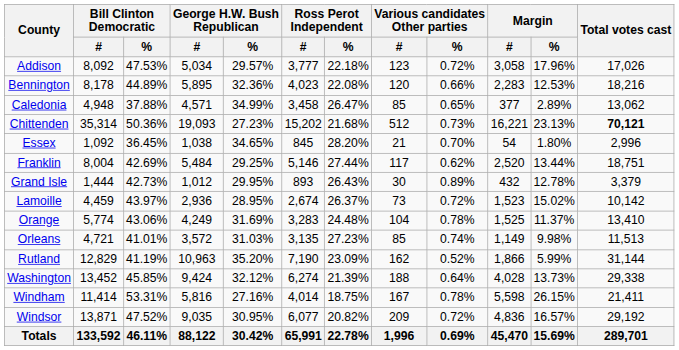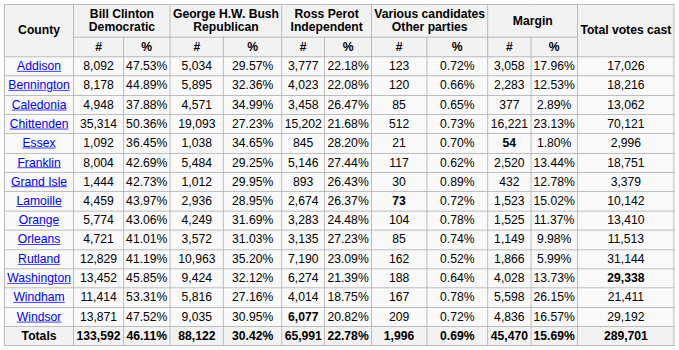 <table class="wikitable sortable">
 <tr>
 <th rowspan="2">County</th>
 <th colspan="2">Bill Clinton<br>Democratic</th>
 <th colspan="2">George H.W. Bush<br>Republican</th>
 <th colspan="2">Ross Perot<br>Independent</th>
 <th colspan="2">Various candidates<br>Other parties</th>
 <th colspan="2">Margin</th>
 <th rowspan="2">Total votes cast</th>
 </tr>
 <tr bgcolor="lightgrey">
 <th data-sort-type="number">#</th>
 <th data-sort-type="number">%</th>
 <th data-sort-type="number">#</th>
 <th data-sort-type="number">%</th>
 <th data-sort-type="number">#</th>
 <th data-sort-type="number">%</th>
 <th data-sort-type="number">#</th>
 <th data-sort-type="number">%</th>
 <th data-sort-type="number">#</th>
 <th data-sort-type="number">%</th>
 </tr>
 <tr style="text-align:center;">
 <td><a href='#'>Addison</a></td>
 <td>8,092</td>
 <td>47.53%</td>
 <td>5,034</td>
 <td>29.57%</td>
 <td>3,777</td>
 <td>22.18%</td>
 <td>123</td>
 <td>0.72%</td>
 <td>3,058</td>
 <td>17.96%</td>
 <td>17,026</td>
 </tr>
 <tr style="text-align:center;">
 <td><a href='#'>Bennington</a></td>
 <td>8,178</td>
 <td>44.89%</td>
 <td>5,895</td>
 <td>32.36%</td>
 <td>4,023</td>
 <td>22.08%</td>
 <td>120</td>
 <td>0.66%</td>
 <td>2,283</td>
 <td>12.53%</td>
 <td>18,216</td>
 </tr>
 <tr style="text-align:center;">
 <td><a href='#'>Caledonia</a></td>
 <td>4,948</td>
 <td>37.88%</td>
 <td>4,571</td>
 <td>34.99%</td>
 <td>3,458</td>
 <td>26.47%</td>
 <td>85</td>
 <td>0.65%</td>
 <td>377</td>
 <td>2.89%</td>
 <td>13,062</td>
 </tr>
 <tr style="text-align:center;">
 <td><a href='#'>Chittenden</a></td>
 <td>35,314</td>
 <td>50.36%</td>
 <td>19,093</td>
 <td>27.23%</td>
 <td>15,202</td>
 <td>21.68%</td>
 <td>512</td>
 <td>0.73%</td>
 <td>16,221</td>
 <td>23.13%</td>
-<td><strong>70,121</strong></td>
+<td>70,121</td>
 </tr>
 <tr style="text-align:center;">
 <td><a href='#'>Essex</a></td>
 <td>1,092</td>
 <td>36.45%</td>
 <td>1,038</td>
 <td>34.65%</td>
 <td>845</td>
 <td>28.20%</td>
 <td>21</td>
 <td>0.70%</td>
-<td>54</td>
+<td><strong>54</strong></td>
 <td>1.80%</td>
 <td>2,996</td>
 </tr>
 <tr style="text-align:center;">
 <td><a href='#'>Franklin</a></td>
 <td>8,004</td>
 <td>42.69%</td>
 <td>5,484</td>
 <td>29.25%</td>
 <td>5,146</td>
 <td>27.44%</td>
 <td>117</td>
 <td>0.62%</td>
 <td>2,520</td>
 <td>13.44%</td>
 <td>18,751</td>
 </tr>
 <tr style="text-align:center;">
 <td><a href='#'>Grand Isle</a></td>
 <td>1,444</td>
 <td>42.73%</td>
 <td>1,012</td>
 <td>29.95%</td>
 <td>893</td>
 <td>26.43%</td>
 <td>30</td>
 <td>0.89%</td>
 <td>432</td>
 <td>12.78%</td>
 <td>3,379</td>
 </tr>
 <tr style="text-align:center;">
 <td><a href='#'>Lamoille</a></td>
 <td>4,459</td>
 <td>43.97%</td>
 <td>2,936</td>
 <td>28.95%</td>
 <td>2,674</td>
 <td>26.37%</td>
-<td>73</td>
+<td><strong>73</strong></td>
 <td>0.72%</td>
 <td>1,523</td>
 <td>15.02%</td>
 <td>10,142</td>
 </tr>
 <tr style="text-align:center;">
 <td><a href='#'>Orange</a></td>
 <td>5,774</td>
 <td>43.06%</td>
 <td>4,249</td>
 <td>31.69%</td>
 <td>3,283</td>
 <td>24.48%</td>
 <td>104</td>
 <td>0.78%</td>
 <td>1,525</td>
 <td>11.37%</td>
 <td>13,410</td>
 </tr>
 <tr style="text-align:center;">
 <td><a href='#'>Orleans</a></td>
 <td>4,721</td>
 <td>41.01%</td>
 <td>3,572</td>
 <td>31.03%</td>
 <td>3,135</td>
 <td>27.23%</td>
 <td>85</td>
 <td>0.74%</td>
 <td>1,149</td>
 <td>9.98%</td>
 <td>11,513</td>
 </tr>
 <tr style="text-align:center;">
 <td><a href='#'>Rutland</a></td>
 <td>12,829</td>
 <td>41.19%</td>
 <td>10,963</td>
 <td>35.20%</td>
 <td>7,190</td>
 <td>23.09%</td>
 <td>162</td>
 <td>0.52%</td>
 <td>1,866</td>
 <td>5.99%</td>
 <td>31,144</td>
 </tr>
 <tr style="text-align:center;">
 <td><a href='#'>Washington</a></td>
 <td>13,452</td>
 <td>45.85%</td>
 <td>9,424</td>
 <td>32.12%</td>
 <td>6,274</td>
 <td>21.39%</td>
 <td>188</td>
 <td>0.64%</td>
 <td>4,028</td>
 <td>13.73%</td>
-<td>29,338</td>
+<td><strong>29,338</strong></td>
 </tr>
 <tr style="text-align:center;">
 <td><a href='#'>Windham</a></td>
 <td>11,414</td>
 <td>53.31%</td>
 <td>5,816</td>
 <td>27.16%</td>
 <td>4,014</td>
 <td>18.75%</td>
 <td>167</td>
 <td>0.78%</td>
 <td>5,598</td>
 <td>26.15%</td>
 <td>21,411</td>
 </tr>
 <tr style="text-align:center;">
 <td><a href='#'>Windsor</a></td>
 <td>13,871</td>
 <td>47.52%</td>
 <td>9,035</td>
 <td>30.95%</td>
-<td>6,077</td>
+<td><strong>6,077</strong></td>
 <td>20.82%</td>
 <td>209</td>
 <td>0.72%</td>
 <td>4,836</td>
 <td>16.57%</td>
 <td>29,192</td>
 </tr>
 <tr style="text-align:center;">
 <th>Totals</th>
 <th>133,592</th>
 <th>46.11%</th>
 <th>88,122</th>
 <th>30.42%</th>
 <th>65,991</th>
 <th>22.78%</th>
 <th>1,996</th>
 <th>0.69%</th>
 <th>45,470</th>
 <th>15.69%</th>
 <th>289,701</th>
 </tr>
 </table>
